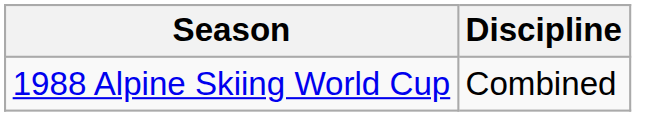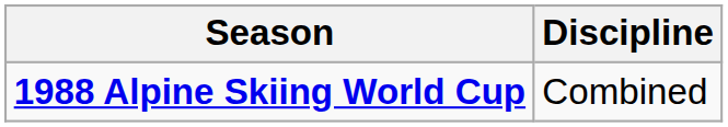 <table class="wikitable">
 <tr>
 <th>Season</th>
 <th>Discipline</th>
 </tr>
 <tr>
-<td><a href='#'>1988 Alpine Skiing World Cup</a></td>
+<td><strong><a href='#'>1988 Alpine Skiing World Cup</a></strong></td>
 <td>Combined</td>
 </tr>
 </table>
